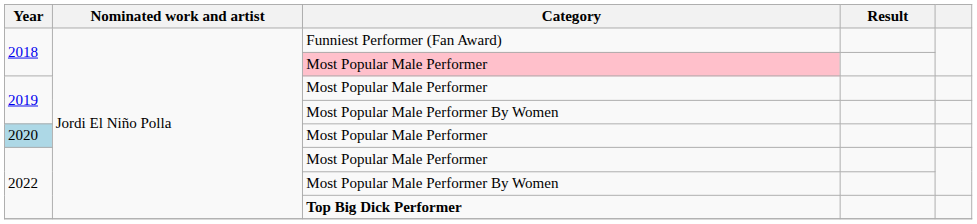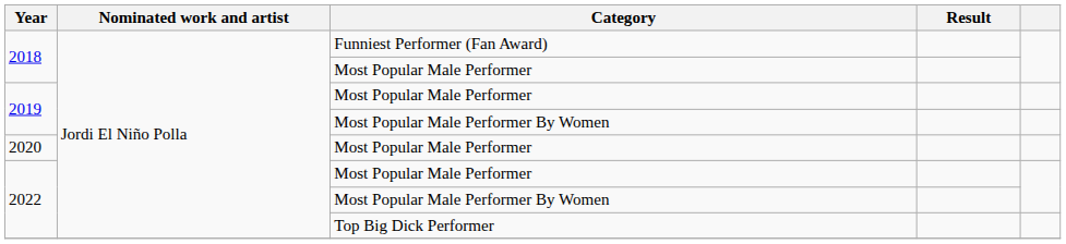 <table class="wikitable" style="width:65%;">
 <tr>
 <th width=4%>Year</th>
 <th style="width:21%;">Nominated work and artist</th>
 <th style="width:45%;">Category</th>
 <th style="width:8%;">Result</th>
 <th width=3%></th>
 </tr>
 <tr>
 <td rowspan="2"><a href='#'>2018</a></td>
 <td rowspan="8">Jordi El Niño Polla</td>
 <td>Funniest Performer (Fan Award)</td>
 <td></td>
 <td rowspan="2" style="text-align:center;"></td>
 </tr>
 <tr>
-<td style="background: pink;">Most Popular Male Performer</td>
+<td>Most Popular Male Performer</td>
 <td></td>
 </tr>
 <tr>
 <td rowspan="2"><a href='#'>2019</a></td>
 <td>Most Popular Male Performer</td>
 <td></td>
 <td style="text-align:center;"></td>
 </tr>
 <tr>
 <td>Most Popular Male Performer By Women</td>
 <td></td>
 <td style="text-align:center;"></td>
 </tr>
 <tr>
-<td style="background: lightblue;">2020</td>
+<td>2020</td>
 <td>Most Popular Male Performer</td>
 <td></td>
 <td style="text-align:center;"></td>
 </tr>
 <tr>
 <td rowspan="3">2022</td>
 <td>Most Popular Male Performer</td>
 <td></td>
 <td rowspan="2" style="text-align:center;"></td>
 </tr>
 <tr>
 <td>Most Popular Male Performer By Women</td>
 <td></td>
 </tr>
 <tr>
-<td><strong>Top Big Dick Performer</strong></td>
+<td>Top Big Dick Performer</td>
 <td></td>
 <td style="text-align:center;"></td>
 </tr>
 <tr>
 </tr>
 </table>
